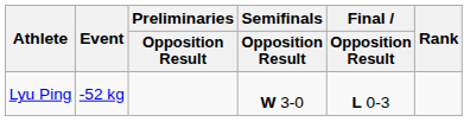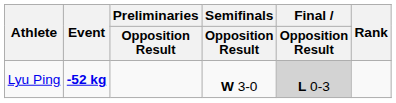 <table class="wikitable" style="font-size:90%;">
 <tr>
 <th rowspan=2>Athlete</th>
 <th rowspan=2>Event</th>
 <th>Preliminaries</th>
 <th>Semifinals</th>
 <th>Final / </th>
 <th rowspan=2>Rank</th>
 </tr>
 <tr style="font-size:95%">
 <th>Opposition<br>Result</th>
 <th>Opposition<br>Result</th>
 <th>Opposition<br>Result</th>
 </tr>
 <tr align=center>
 <td align=left><a href='#'>Lyu Ping</a></td>
-<td align=left><a href='#'>-52 kg</a></td>
+<td align=left><strong><a href='#'>-52 kg</a></strong></td>
 <td></td>
 <td><br><strong>W</strong> 3-0</td>
-<td><br><strong>L</strong> 0-3</td>
+<td style="background: lightgrey;"><br><strong>L</strong> 0-3</td>
 <td></td>
 </tr>
 </table>
